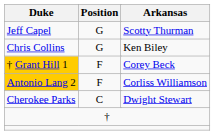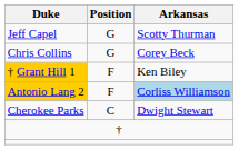 <table class="wikitable">
 <tr>
 <th>Duke</th>
 <th colspan="2">Position</th>
 <th>Arkansas</th>
 </tr>
 <tr>
 <td><a href='#'>Jeff Capel</a></td>
 <td colspan=2 style="text-align:center">G</td>
 <td><a href='#'>Scotty Thurman</a></td>
 </tr>
 <tr>
 <td><a href='#'>Chris Collins</a></td>
 <td colspan=2 style="text-align:center">G</td>
-<td>Ken Biley</td>
+<td><a href='#'>Corey Beck</a></td>
 </tr>
 <tr>
 <td style="background:#ffcc00">† <a href='#'>Grant Hill</a> 1</td>
 <td colspan=2 style="text-align:center">F</td>
-<td><a href='#'>Corey Beck</a></td>
+<td>Ken Biley</td>
 </tr>
 <tr>
 <td style="background:#ffcc00"><a href='#'>Antonio Lang</a> 2</td>
 <td colspan=2 style="text-align:center">F</td>
-<td><a href='#'>Corliss Williamson</a></td>
+<td style="background: lightblue;"><a href='#'>Corliss Williamson</a></td>
 </tr>
 <tr>
 <td><a href='#'>Cherokee Parks</a></td>
 <td colspan=2 style="text-align:center">C</td>
 <td><a href='#'>Dwight Stewart</a></td>
 </tr>
 <tr>
 <td colspan="5" align=center>† </td>
 </tr>
 <tr>
 <td colspan="5" align=center></td>
 </tr>
 </table>
